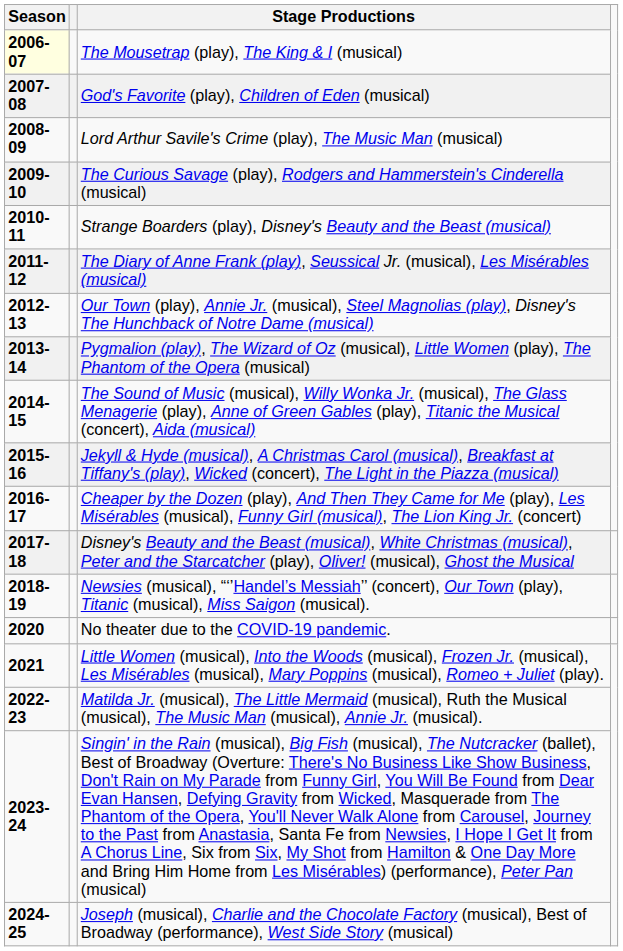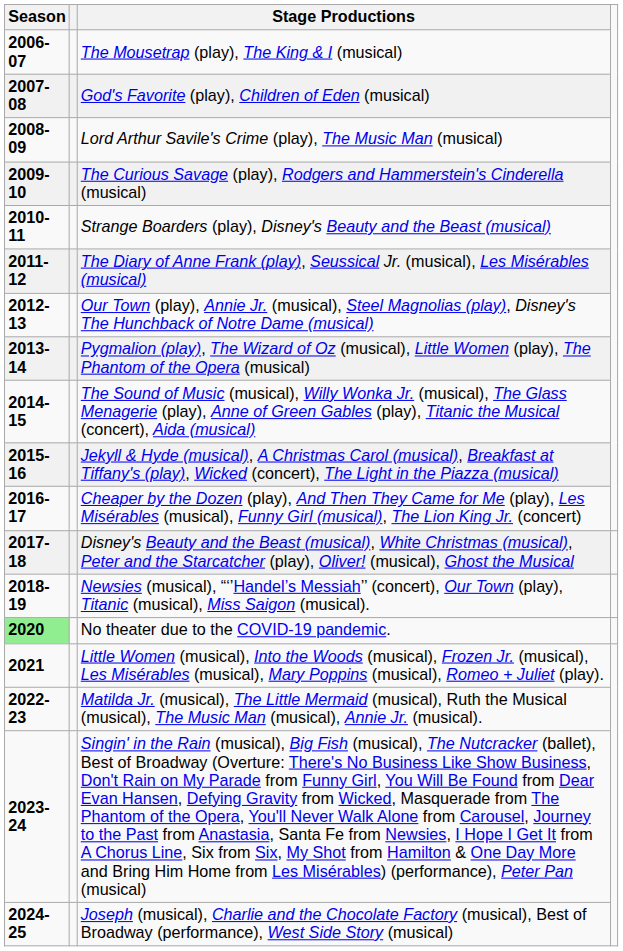 <table class="wikitable mw-collapsible mw-collapsed">
 <tr>
 <th>Season</th>
 <th></th>
 <th>Stage Productions</th>
 </tr>
 <tr>
-<td style="background: lightyellow;"><strong>2006-07</strong></td>
+<td><strong>2006-07</strong></td>
 <td></td>
 <td><em><a href='#'>The Mousetrap</a></em> (play), <em><a href='#'>The King & I</a></em> (musical)</td>
 </tr>
 <tr>
 <td style="background:#F1F1F1;"><strong>2007-08</strong></td>
 <td style="background:#F1F1F1;"></td>
 <td style="background:#F1F1F1;"><em><a href='#'>God's Favorite</a></em> (play), <em><a href='#'>Children of Eden</a></em> (musical)</td>
 </tr>
 <tr>
 <td><strong>2008-09</strong></td>
 <td></td>
 <td><em>Lord Arthur Savile's Crime</em> (play), <em><a href='#'>The Music Man</a></em> (musical)</td>
 </tr>
 <tr>
 <td style="background:#F1F1F1;"><strong>2009-10</strong></td>
 <td style="background:#F1F1F1;"></td>
 <td style="background:#F1F1F1;"><em><a href='#'>The Curious Savage</a></em> (play), <em><a href='#'>Rodgers and Hammerstein's Cinderella</a></em> (musical)</td>
 </tr>
 <tr>
 <td><strong>2010-11</strong></td>
 <td></td>
 <td><em>Strange Boarders</em> (play), <em>Disney's <a href='#'>Beauty and the Beast (musical)</a></em></td>
 </tr>
 <tr>
 <td style="background:#F1F1F1;"><strong>2011-12</strong></td>
 <td style="background:#F1F1F1;"></td>
 <td style="background:#F1F1F1;"><em><a href='#'>The Diary of Anne Frank (play)</a></em>, <em><a href='#'>Seussical</a> Jr.</em> (musical), <em><a href='#'>Les Misérables (musical)</a></em></td>
 </tr>
 <tr>
 <td><strong>2012-13</strong></td>
 <td></td>
 <td><em><a href='#'>Our Town</a></em> (play), <em><a href='#'>Annie Jr.</a></em> (musical), <em><a href='#'>Steel Magnolias (play)</a></em>, <em>Disney's <a href='#'>The Hunchback of Notre Dame (musical)</a></em></td>
 </tr>
 <tr>
 <td style="background:#F1F1F1;"><strong>2013-14</strong></td>
 <td style="background:#F1F1F1;"></td>
 <td style="background:#F1F1F1;"><em><a href='#'>Pygmalion (play)</a></em>, <em><a href='#'>The Wizard of Oz</a></em> (musical), <em><a href='#'>Little Women</a></em> (play), <em><a href='#'>The Phantom of the Opera</a></em> (musical)</td>
 </tr>
 <tr>
 <td><strong>2014-15</strong></td>
 <td></td>
 <td><em><a href='#'>The Sound of Music</a></em> (musical), <em><a href='#'>Willy Wonka Jr.</a></em> (musical), <em><a href='#'>The Glass Menagerie</a></em> (play), <em><a href='#'>Anne of Green Gables</a></em> (play), <em><a href='#'>Titanic the Musical</a></em> (concert),<em> <a href='#'>Aida (musical)</a></em></td>
 </tr>
 <tr>
 <td style="background:#F1F1F1;"><strong>2015-16</strong></td>
 <td style="background:#F1F1F1;"></td>
 <td style="background:#F1F1F1;"><em><a href='#'>Jekyll & Hyde (musical)</a></em>, <em><a href='#'>A Christmas Carol (musical)</a></em>, <em><a href='#'>Breakfast at Tiffany's (play)</a></em>, <em><a href='#'>Wicked</a></em> (concert), <em><a href='#'>The Light in the Piazza (musical)</a></em></td>
 </tr>
 <tr>
 <td><strong>2016-17</strong></td>
 <td></td>
 <td><em><a href='#'>Cheaper by the Dozen</a></em> (play), <em><a href='#'>And Then They Came for Me</a></em> (play), <em><a href='#'>Les Misérables</a></em> (musical), <em><a href='#'>Funny Girl (musical)</a></em>, <em><a href='#'>The Lion King Jr.</a></em> (concert)</td>
 </tr>
 <tr>
 <td style="background:#F1F1F1;"><strong>2017-18</strong></td>
 <td style="background:#F1F1F1;"></td>
 <td style="background:#F1F1F1;"><em>Disney's <a href='#'>Beauty and the Beast (musical)</a></em>, <em><a href='#'>White Christmas (musical)</a></em>, <em><a href='#'>Peter and the Starcatcher</a></em> (play), <em><a href='#'>Oliver!</a></em> (musical), <em><a href='#'>Ghost the Musical</a></em></td>
 <td></td>
 </tr>
 <tr>
 <td><strong>2018-19</strong></td>
 <td></td>
 <td><em><a href='#'>Newsies</a></em> (musical), “‘’<a href='#'>Handel’s Messiah</a>’’ (concert), <em><a href='#'>Our Town</a></em> (play), <em><a href='#'>Titanic</a></em> (musical), <em><a href='#'>Miss Saigon</a></em> (musical).</td>
 <td></td>
 </tr>
 <tr>
-<td><strong>2020</strong></td>
+<td style="background: lightgreen;"><strong>2020</strong></td>
 <td></td>
 <td>No theater due to the <a href='#'>COVID-19 pandemic</a>.</td>
 <td></td>
 </tr>
 <tr>
 <td><strong>2021</strong></td>
 <td></td>
 <td><em><a href='#'>Little Women</a></em> (musical), <em><a href='#'>Into the Woods</a></em> (musical), <em><a href='#'>Frozen Jr.</a></em> (musical), <em><a href='#'>Les Misérables</a></em> (musical), <em><a href='#'>Mary Poppins</a></em> (musical), <em><a href='#'>Romeo + Juliet</a></em> (play).</td>
 </tr>
 <tr>
 <td><strong>2022-23</strong></td>
 <td></td>
 <td><em><a href='#'>Matilda Jr.</a></em> (musical), <em><a href='#'>The Little Mermaid</a></em> (musical), Ruth the Musical (musical), <em><a href='#'>The Music Man</a></em> (musical), <em><a href='#'>Annie Jr.</a></em> (musical).</td>
 </tr>
 <tr>
 <td><strong>2023-24</strong></td>
 <td></td>
 <td><em><a href='#'>Singin' in the Rain</a></em> (musical), <em><a href='#'>Big Fish</a></em> (musical), <em><a href='#'>The Nutcracker</a></em> (ballet), Best of Broadway (Overture: <a href='#'>There's No Business Like Show Business</a>, <a href='#'>Don't Rain on My Parade</a> from <a href='#'>Funny Girl</a>, <a href='#'>You Will Be Found</a> from <a href='#'>Dear Evan Hansen</a>, <a href='#'>Defying Gravity</a> from <a href='#'>Wicked</a>, Masquerade from <a href='#'>The Phantom of the Opera</a>, <a href='#'>You'll Never Walk Alone</a> from <a href='#'>Carousel</a>, <a href='#'>Journey to the Past</a> from <a href='#'>Anastasia</a>, Santa Fe from <a href='#'>Newsies</a>, <a href='#'>I Hope I Get It</a> from <a href='#'>A Chorus Line</a>, Six from <a href='#'>Six</a>, <a href='#'>My Shot</a> from <a href='#'>Hamilton</a> & <a href='#'>One Day More</a> and Bring Him Home from <a href='#'>Les Misérables</a>) (performance), <em><a href='#'>Peter Pan</a></em> (musical)</td>
 </tr>
 <tr>
 <td><strong>2024-25</strong></td>
 <td></td>
 <td><em><a href='#'>Joseph</a></em> (musical), <em><a href='#'>Charlie and the Chocolate Factory</a></em> (musical), Best of Broadway (performance), <em><a href='#'>West Side Story</a></em> (musical)</td>
 </tr>
 </table>
